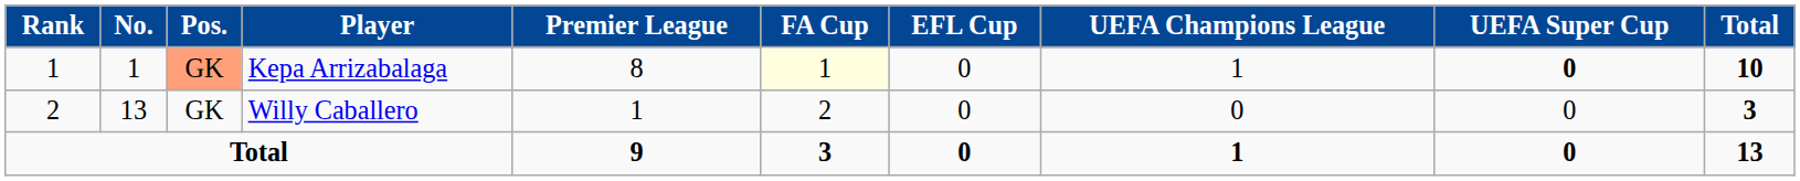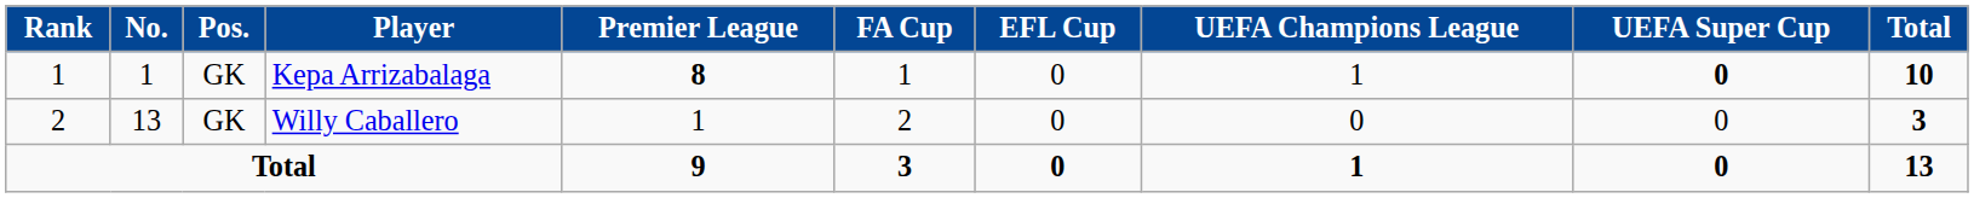 <table class="wikitable sortable" style="text-align:center;width:85%;">
 <tr>
 <th style=background-color:#034694;color:#FFFFFF>Rank</th>
 <th style=background-color:#034694;color:#FFFFFF>No.</th>
 <th style=background-color:#034694;color:#FFFFFF>Pos.</th>
 <th style=background-color:#034694;color:#FFFFFF>Player</th>
 <th style=background-color:#034694;color:#FFFFFF>Premier League</th>
 <th style=background-color:#034694;color:#FFFFFF>FA Cup</th>
 <th style=background-color:#034694;color:#FFFFFF>EFL Cup</th>
 <th style=background-color:#034694;color:#FFFFFF>UEFA Champions League</th>
 <th style=background-color:#034694;color:#FFFFFF>UEFA Super Cup</th>
 <th style=background-color:#034694;color:#FFFFFF>Total</th>
 </tr>
 <tr>
 <td>1</td>
 <td>1</td>
-<td style="background: lightsalmon;">GK</td>
+<td>GK</td>
 <td align=left> <a href='#'>Kepa Arrizabalaga</a></td>
-<td>8</td>
-<td style="background: lightyellow;">1</td>
+<td><strong>8</strong></td>
+<td>1</td>
 <td>0</td>
 <td>1</td>
 <td><strong>0</strong></td>
 <td><strong>10</strong></td>
 </tr>
 <tr>
 <td>2</td>
 <td>13</td>
 <td>GK</td>
 <td align=left> <a href='#'>Willy Caballero</a></td>
 <td>1</td>
 <td>2</td>
 <td>0</td>
 <td>0</td>
 <td>0</td>
 <td><strong>3</strong></td>
 </tr>
 <tr>
 <td colspan=4><strong>Total</strong></td>
 <td><strong>9</strong></td>
 <td><strong>3</strong></td>
 <td><strong>0</strong></td>
 <td><strong>1</strong></td>
 <td><strong>0</strong></td>
 <td><strong>13</strong></td>
 </tr>
 </table>
